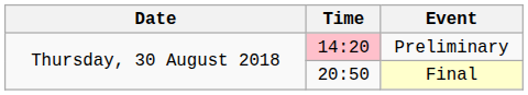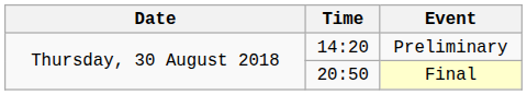 <table class = "wikitable" style="text-align:center;">
 <tr>
 <th width=220>Date</th>
 <th width=50>Time</th>
 <th width=100>Event</th>
 </tr>
 <tr>
 <td rowspan=2>Thursday, 30 August 2018</td>
-<td style="background: pink;">14:20</td>
+<td>14:20</td>
 <td>Preliminary</td>
 </tr>
 <tr>
 <td>20:50</td>
 <td bgcolor=ffffcc>Final</td>
 </tr>
 </table>
